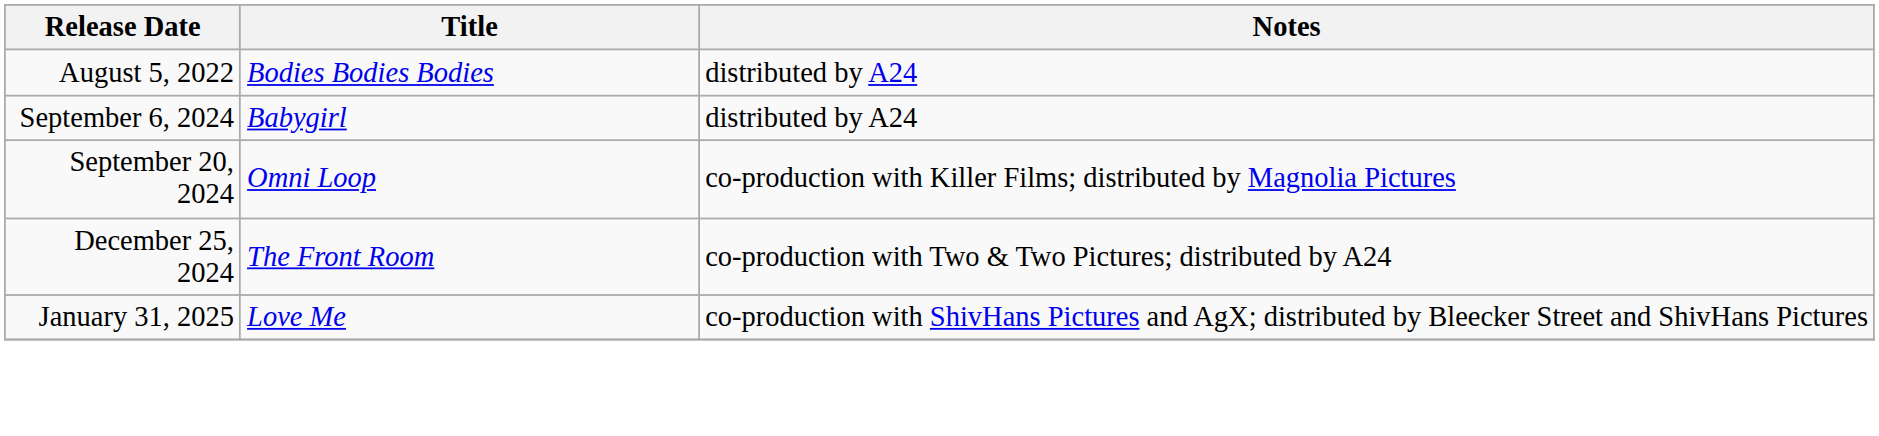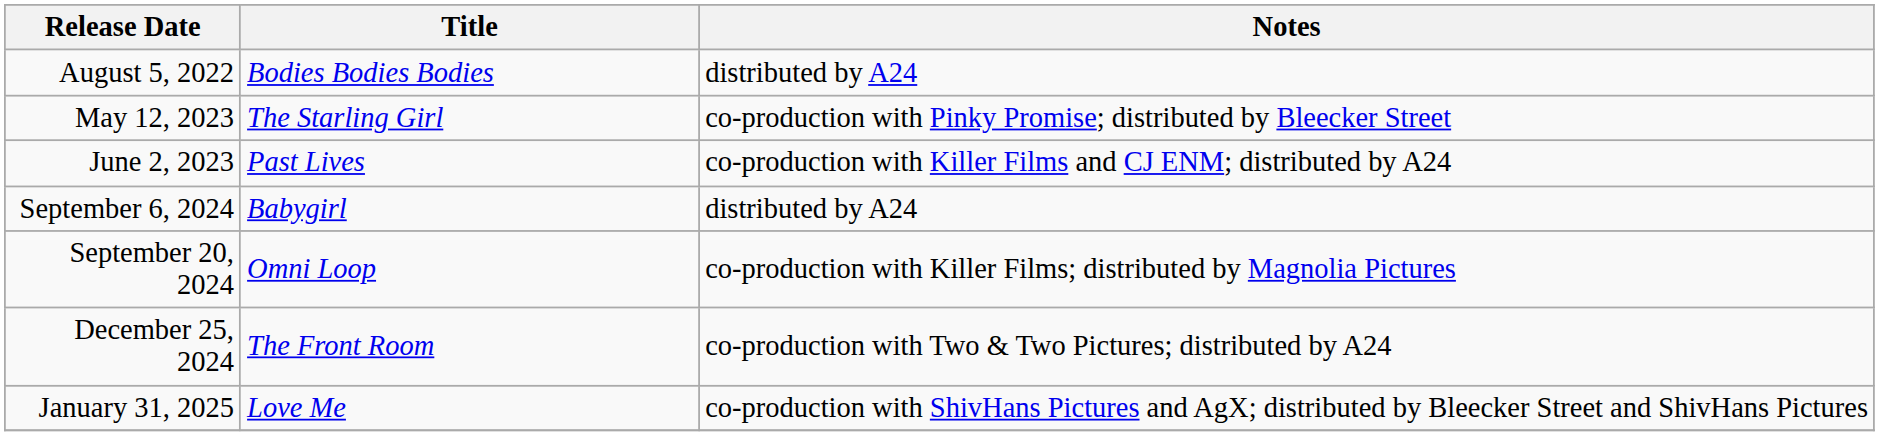 <table class="wikitable sortable">
 <tr>
 <th style="width:125px;">Release Date</th>
 <th style="width:250px;">Title</th>
 <th>Notes</th>
 </tr>
 <tr>
 <td style="text-align:right;">August 5, 2022</td>
 <td><em><a href='#'>Bodies Bodies Bodies</a></em></td>
 <td>distributed by <a href='#'>A24</a></td>
+</tr>
+<tr>
+<td style="text-align:right;">May 12, 2023</td>
+<td><em><a href='#'>The Starling Girl</a></em></td>
+<td>co-production with <a href='#'>Pinky Promise</a>; distributed by <a href='#'>Bleecker Street</a></td>
+</tr>
+<tr>
+<td style="text-align:right;">June 2, 2023</td>
+<td><em><a href='#'>Past Lives</a></em></td>
+<td>co-production with <a href='#'>Killer Films</a> and <a href='#'>CJ ENM</a>; distributed by A24</td>
 </tr>
 <tr>
 <td style="text-align:right;">September 6, 2024</td>
 <td><em><a href='#'>Babygirl</a></em></td>
 <td>distributed by A24</td>
 </tr>
 <tr>
 <td style="text-align:right;">September 20, 2024</td>
 <td><em><a href='#'>Omni Loop</a></em></td>
 <td>co-production with Killer Films; distributed by <a href='#'>Magnolia Pictures</a></td>
 </tr>
 <tr>
 <td style="text-align:right;">December 25, 2024</td>
 <td><em><a href='#'>The Front Room</a></em></td>
 <td>co-production with Two & Two Pictures; distributed by A24</td>
 </tr>
 <tr>
 <td style="text-align:right;">January 31, 2025</td>
 <td><em><a href='#'>Love Me</a></em></td>
 <td>co-production with <a href='#'>ShivHans Pictures</a> and AgX; distributed by Bleecker Street and ShivHans Pictures</td>
 </tr>
 <tr>
 </tr>
 </table>
